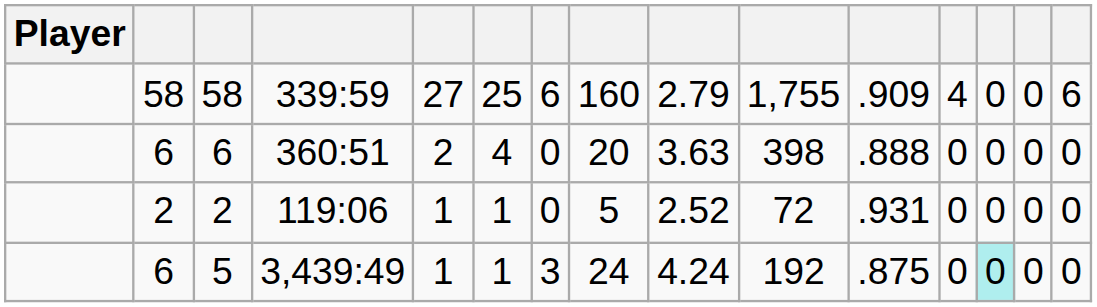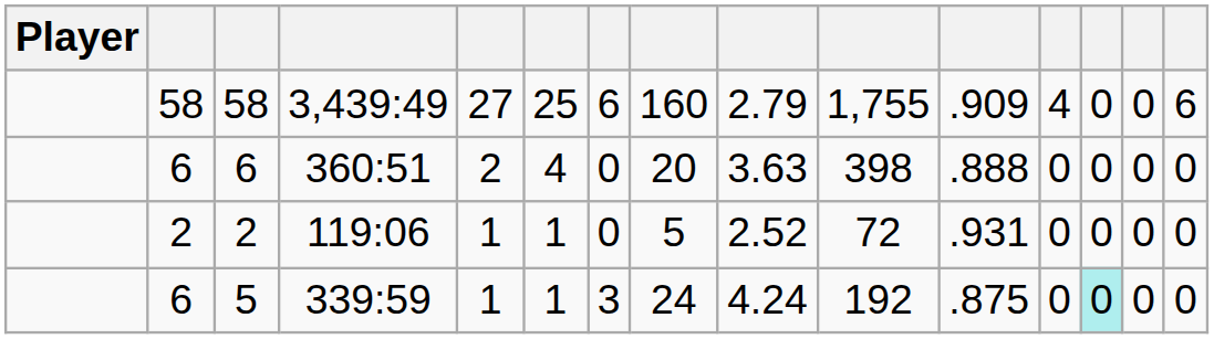 <table class="wikitable sortable" style="text-align:center;">
 <tr>
 <th>Player</th>
 <th></th>
 <th></th>
 <th></th>
 <th></th>
 <th></th>
 <th></th>
 <th></th>
 <th></th>
 <th></th>
 <th></th>
 <th></th>
 <th></th>
 <th></th>
 <th></th>
 </tr>
 <tr>
 <td></td>
 <td>58</td>
 <td>58</td>
-<td>339:59</td>
+<td>3,439:49</td>
 <td>27</td>
 <td>25</td>
 <td>6</td>
 <td>160</td>
 <td>2.79</td>
 <td>1,755</td>
 <td>.909</td>
 <td>4</td>
 <td>0</td>
 <td>0</td>
 <td>6</td>
 </tr>
 <tr>
 <td></td>
 <td>6</td>
 <td>6</td>
 <td>360:51</td>
 <td>2</td>
 <td>4</td>
 <td>0</td>
 <td>20</td>
 <td>3.63</td>
 <td>398</td>
 <td>.888</td>
 <td>0</td>
 <td>0</td>
 <td>0</td>
 <td>0</td>
 </tr>
 <tr>
 <td></td>
 <td>2</td>
 <td>2</td>
 <td>119:06</td>
 <td>1</td>
 <td>1</td>
 <td>0</td>
 <td>5</td>
 <td>2.52</td>
 <td>72</td>
 <td>.931</td>
 <td>0</td>
 <td>0</td>
 <td>0</td>
 <td>0</td>
 </tr>
 <tr>
 <td></td>
 <td>6</td>
 <td>5</td>
-<td>3,439:49</td>
+<td>339:59</td>
 <td>1</td>
 <td>1</td>
 <td>3</td>
 <td>24</td>
 <td>4.24</td>
 <td>192</td>
 <td>.875</td>
 <td>0</td>
 <td style="background: paleturquoise;">0</td>
 <td>0</td>
 <td>0</td>
 </tr>
 </table>
